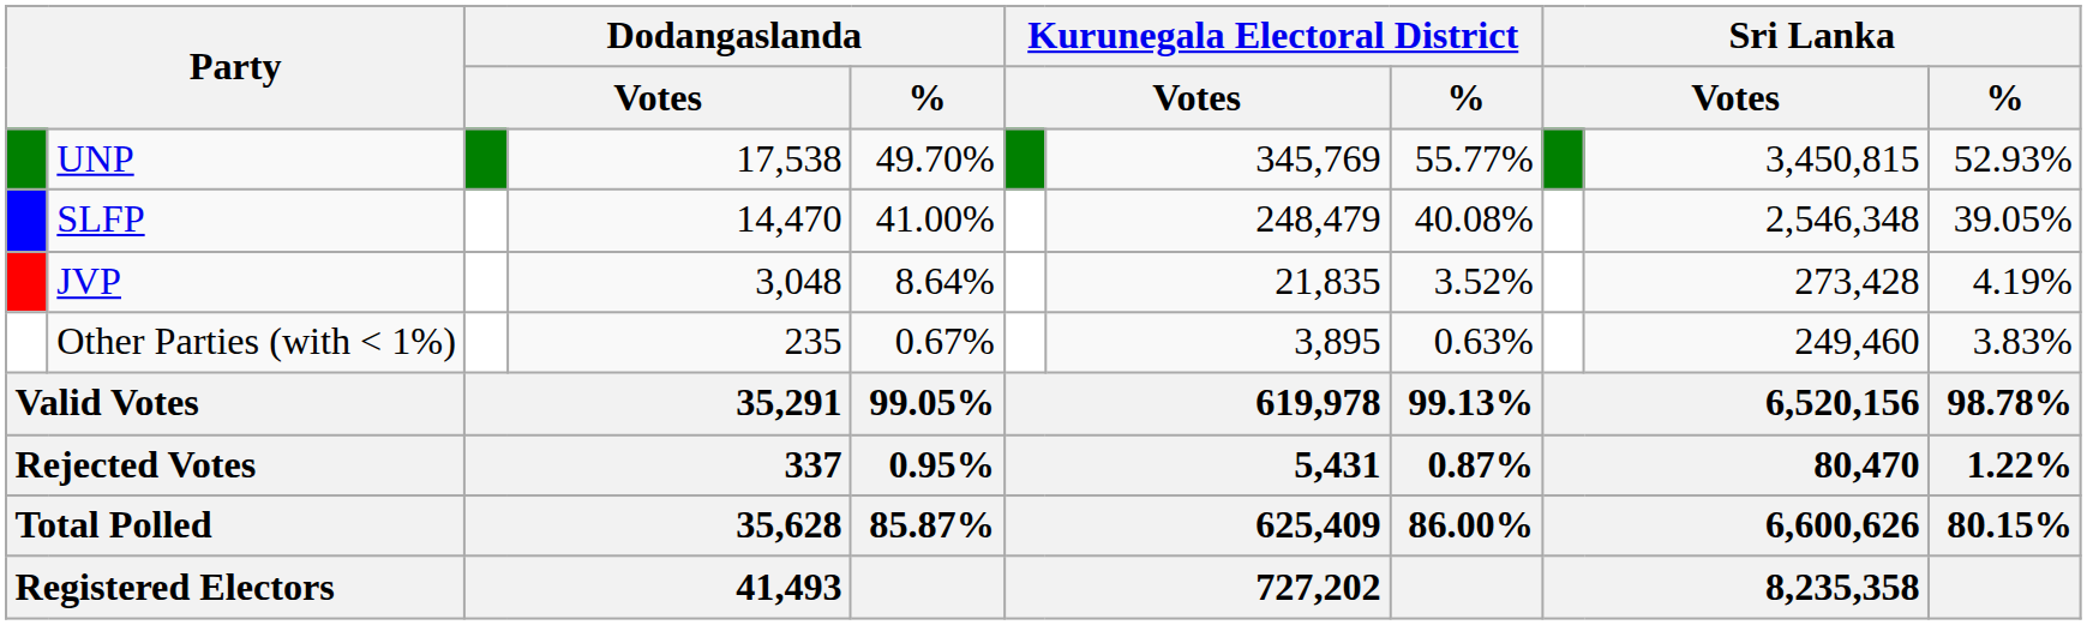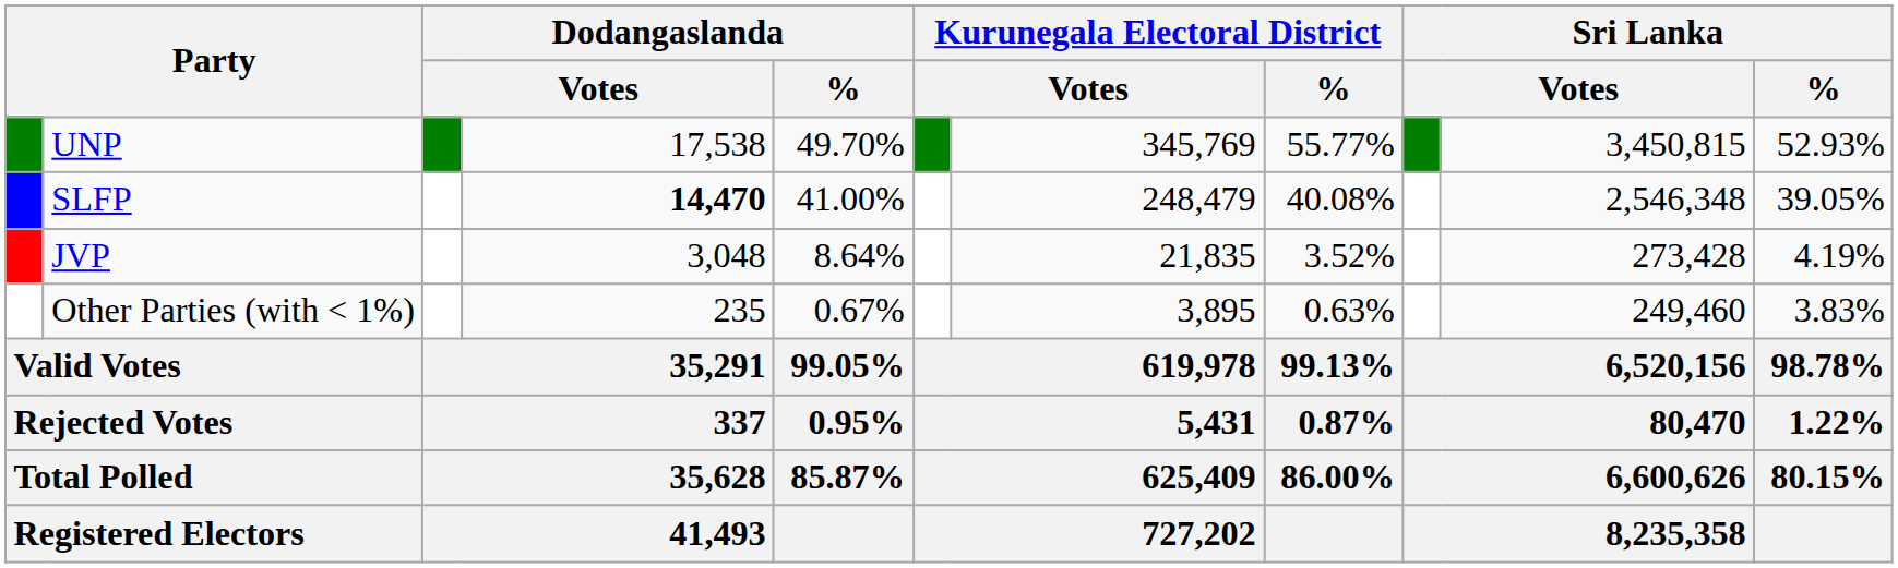 <table class="wikitable">
 <tr>
 <th colspan="2" width="144px"rowspan="2">Party</th>
 <th colspan="3" width="216px">Dodangaslanda</th>
 <th colspan="3" width="216px"><a href='#'>Kurunegala Electoral District</a></th>
 <th colspan="3" width="216px">Sri Lanka</th>
 </tr>
 <tr>
 <th colspan="2" width="144px">Votes</th>
 <th>%</th>
 <th colspan="2" width="144px">Votes</th>
 <th>%</th>
 <th colspan="2" width="144px">Votes</th>
 <th>%</th>
 </tr>
 <tr>
 <td style="background-color:green;" width="10px"></td>
 <td style="text-align:left;"><a href='#'>UNP</a></td>
 <td style="background-color:green;" width="10px"></td>
 <td style="text-align:right;">17,538</td>
 <td style="text-align:right;">49.70%</td>
 <td style="background-color:green;" width="10px"></td>
 <td style="text-align:right;">345,769</td>
 <td style="text-align:right;">55.77%</td>
 <td style="background-color:green;" width="10px"></td>
 <td style="text-align:right;">3,450,815</td>
 <td style="text-align:right;">52.93%</td>
 </tr>
 <tr>
 <td style="background-color:blue;" width="10px"></td>
 <td style="text-align:left;"><a href='#'>SLFP</a></td>
 <td style="background-color:white;" width="10px"></td>
-<td style="text-align:right;">14,470</td>
+<td style="text-align:right;"><strong>14,470</strong></td>
 <td style="text-align:right;">41.00%</td>
 <td style="background-color:white;" width="10px"></td>
 <td style="text-align:right;">248,479</td>
 <td style="text-align:right;">40.08%</td>
 <td style="background-color:white;" width="10px"></td>
 <td style="text-align:right;">2,546,348</td>
 <td style="text-align:right;">39.05%</td>
 </tr>
 <tr>
 <td style="background-color:red;" width="10px"></td>
 <td style="text-align:left;"><a href='#'>JVP</a></td>
 <td style="background-color:white;" width="10px"></td>
 <td style="text-align:right;">3,048</td>
 <td style="text-align:right;">8.64%</td>
 <td style="background-color:white;" width="10px"></td>
 <td style="text-align:right;">21,835</td>
 <td style="text-align:right;">3.52%</td>
 <td style="background-color:white;" width="10px"></td>
 <td style="text-align:right;">273,428</td>
 <td style="text-align:right;">4.19%</td>
 </tr>
 <tr>
 <td style="background-color:white;" width="10px"></td>
 <td style="text-align:left;">Other Parties (with < 1%)</td>
 <td style="background-color:white;" width="10px"></td>
 <td style="text-align:right;">235</td>
 <td style="text-align:right;">0.67%</td>
 <td style="background-color:white;" width="10px"></td>
 <td style="text-align:right;">3,895</td>
 <td style="text-align:right;">0.63%</td>
 <td style="background-color:white;" width="10px"></td>
 <td style="text-align:right;">249,460</td>
 <td style="text-align:right;">3.83%</td>
 </tr>
 <tr>
 <th colspan="2" width="144px"style="text-align:left;">Valid Votes</th>
 <th style="text-align:right;"colspan="2" width="144px">35,291</th>
 <th style="text-align:right;">99.05%</th>
 <th style="text-align:right;"colspan="2" width="144px">619,978</th>
 <th style="text-align:right;">99.13%</th>
 <th style="text-align:right;"colspan="2" width="144px">6,520,156</th>
 <th style="text-align:right;">98.78%</th>
 </tr>
 <tr>
 <th colspan="2" width="144px"style="text-align:left;">Rejected Votes</th>
 <th style="text-align:right;"colspan="2" width="144px">337</th>
 <th style="text-align:right;">0.95%</th>
 <th style="text-align:right;"colspan="2" width="144px">5,431</th>
 <th style="text-align:right;">0.87%</th>
 <th style="text-align:right;"colspan="2" width="144px">80,470</th>
 <th style="text-align:right;">1.22%</th>
 </tr>
 <tr>
 <th colspan="2" width="144px"style="text-align:left;">Total Polled</th>
 <th style="text-align:right;"colspan="2" width="144px">35,628</th>
 <th style="text-align:right;">85.87%</th>
 <th style="text-align:right;"colspan="2" width="144px">625,409</th>
 <th style="text-align:right;">86.00%</th>
 <th style="text-align:right;"colspan="2" width="144px">6,600,626</th>
 <th style="text-align:right;">80.15%</th>
 </tr>
 <tr>
 <th colspan="2" width="144px"style="text-align:left;">Registered Electors</th>
 <th style="text-align:right;"colspan="2" width="144px">41,493</th>
 <th></th>
 <th style="text-align:right;"colspan="2" width="144px">727,202</th>
 <th></th>
 <th style="text-align:right;"colspan="2" width="144px">8,235,358</th>
 <th></th>
 </tr>
 </table>
